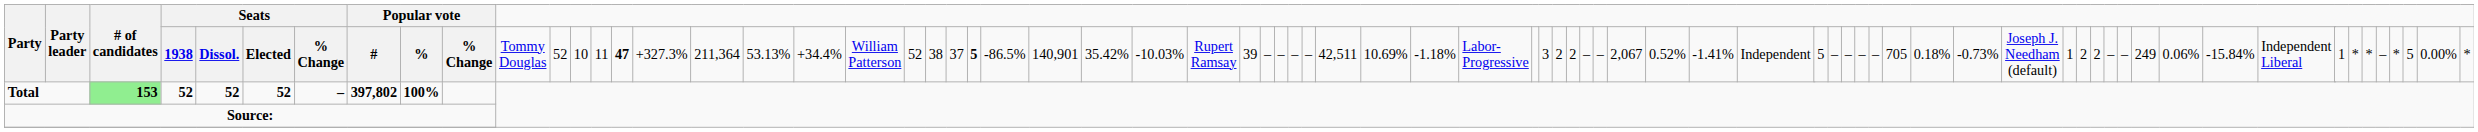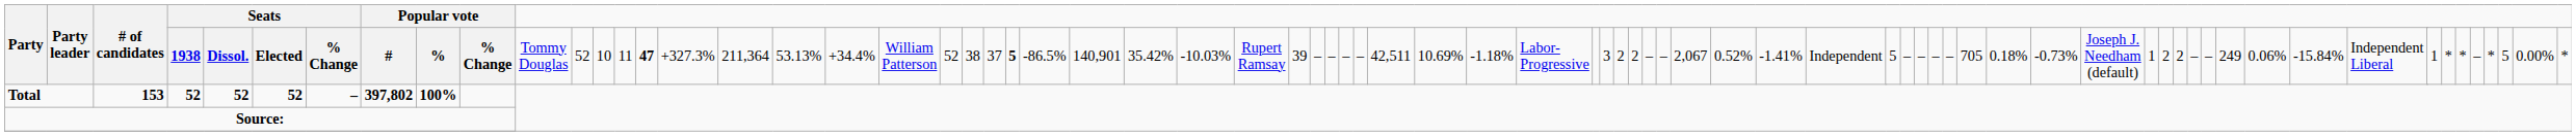 <table class="wikitable">
 <tr>
 <th rowspan=2 colspan=2>Party</th>
 <th rowspan=2>Party leader</th>
 <th rowspan=2># of<br>candidates</th>
 <th colspan=4>Seats</th>
 <th colspan=3>Popular vote</th>
 </tr>
 <tr>
 <th><a href='#'>1938</a></th>
 <th><a href='#'><span>Dissol.</span></a></th>
 <th>Elected</th>
 <th>% Change</th>
 <th>#</th>
 <th>%</th>
 <th>% Change<br></th>
 <td align="center"><a href='#'>Tommy Douglas</a></td>
 <td align="right">52</td>
 <td align="right">10</td>
 <td align="right">11</td>
 <td align="right"><strong>47</strong></td>
 <td align="right">+327.3%</td>
 <td align="right">211,364</td>
 <td align="right">53.13%</td>
 <td align="right">+34.4%<br></td>
 <td align="center"><a href='#'>William Patterson</a></td>
 <td align="right">52</td>
 <td align="right">38</td>
 <td align="right">37</td>
 <td align="right"><strong>5</strong></td>
 <td align="right">-86.5%</td>
 <td align="right">140,901</td>
 <td align="right">35.42%</td>
 <td align="right">-10.03%<br></td>
 <td align="center"><a href='#'>Rupert Ramsay</a></td>
 <td align="right">39</td>
 <td align="right">–</td>
 <td align="right">–</td>
 <td align="right">–</td>
 <td align="right">–</td>
 <td align="right">42,511</td>
 <td align="right">10.69%</td>
 <td align="right">-1.18%<br></td>
 <td><a href='#'>Labor-Progressive</a></td>
 <td align="center"></td>
 <td align="right">3</td>
 <td align="right">2</td>
 <td align="right">2</td>
 <td align="right">–</td>
 <td align="right">–</td>
 <td align="right">2,067</td>
 <td align="right">0.52%</td>
 <td align="right">-1.41%<br></td>
 <td colspan=2>Independent</td>
 <td align="right">5</td>
 <td align="right">–</td>
 <td align="right">–</td>
 <td align="right">–</td>
 <td align="right">–</td>
 <td align="right">705</td>
 <td align="right">0.18%</td>
 <td align="right">-0.73%<br></td>
 <td align="center"><a href='#'>Joseph J. Needham</a> (default)</td>
 <td align="right">1</td>
 <td align="right">2</td>
 <td align="right">2</td>
 <td align="right">–</td>
 <td align="right">–</td>
 <td align="right">249</td>
 <td align="right">0.06%</td>
 <td align="right">-15.84%<br></td>
 <td colspan=2>Independent <a href='#'>Liberal</a></td>
 <td align="right">1</td>
 <td align="right">*</td>
 <td align="right">*</td>
 <td align="right">–</td>
 <td align="right">*</td>
 <td align="right">5</td>
 <td align="right">0.00%</td>
 <td align="right">*</td>
 </tr>
 <tr>
 <td colspan=3><strong>Total</strong></td>
-<td align="right" style="background: lightgreen;"><strong>153</strong></td>
+<td align="right"><strong>153</strong></td>
 <td align="right"><strong>52</strong></td>
 <td align="right"><strong>52</strong></td>
 <td align="right"><strong>52</strong></td>
 <td align="right"><strong>–</strong></td>
 <td align="right"><strong>397,802</strong></td>
 <td align="right"><strong>100%</strong></td>
 <td align="right"> </td>
 </tr>
 <tr>
 <td align="center" colspan=11><strong>Source:</strong> </td>
 </tr>
 <tr>
 </tr>
 </table>
